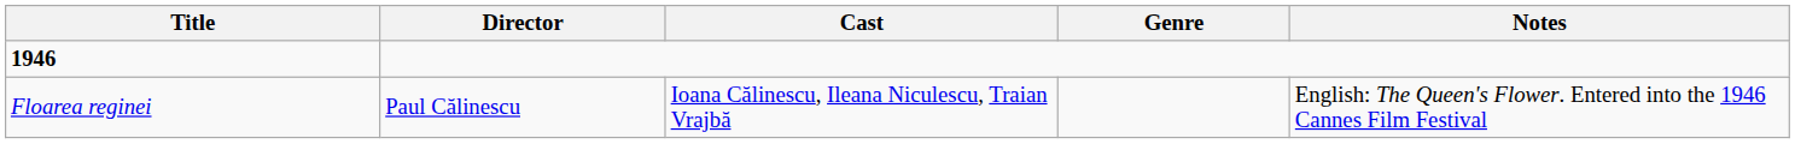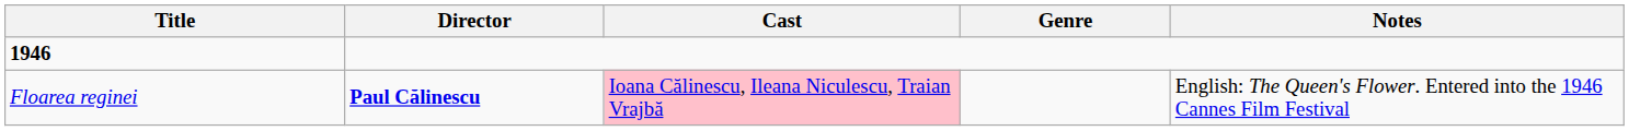 <table class="wikitable" width= "100%">
 <tr>
 <th width=21%>Title</th>
 <th width=16%>Director</th>
 <th width=22%>Cast</th>
 <th width=13%>Genre</th>
 <th width=28%>Notes</th>
 </tr>
 <tr>
 <td><strong>1946</strong></td>
 </tr>
 <tr>
 <td><em><a href='#'>Floarea reginei</a></em></td>
-<td><a href='#'>Paul Călinescu</a></td>
-<td><a href='#'>Ioana Călinescu</a>, <a href='#'>Ileana Niculescu</a>, <a href='#'>Traian Vrajbă</a></td>
+<td><strong><a href='#'>Paul Călinescu</a></strong></td>
+<td style="background: pink;"><a href='#'>Ioana Călinescu</a>, <a href='#'>Ileana Niculescu</a>, <a href='#'>Traian Vrajbă</a></td>
 <td></td>
 <td>English: <em>The Queen's Flower</em>. Entered into the <a href='#'>1946 Cannes Film Festival</a></td>
 </tr>
 </table>
